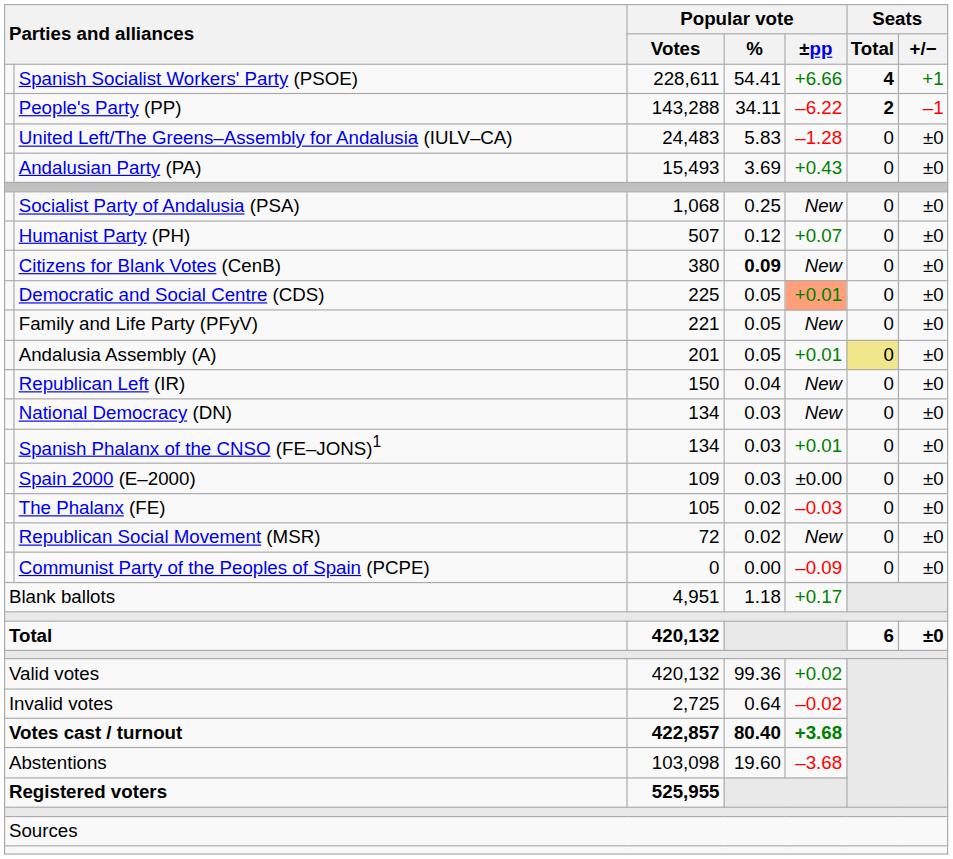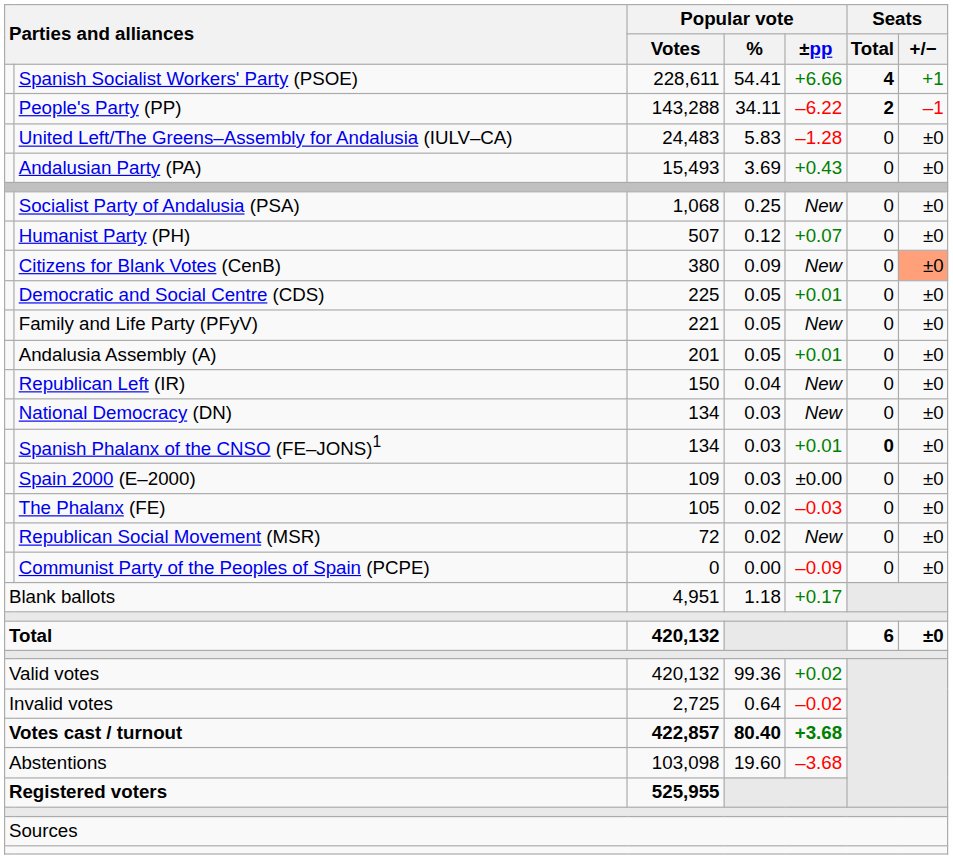 <table class="wikitable" style="text-align:right;">
 <tr>
 <th style="text-align:left;" rowspan="2" colspan="2" width="525">Parties and alliances</th>
 <th colspan="3">Popular vote</th>
 <th colspan="2">Seats</th>
 </tr>
 <tr>
 <th width="75">Votes</th>
 <th width="45">%</th>
 <th width="45">±<a href='#'>pp</a></th>
 <th width="35">Total</th>
 <th width="35">+/−</th>
 </tr>
 <tr>
 <td width="1" style="color:inherit;background:"></td>
 <td align="left"><a href='#'>Spanish Socialist Workers' Party</a> (PSOE)</td>
 <td>228,611</td>
 <td>54.41</td>
 <td style="color:green;">+6.66</td>
 <td><strong>4</strong></td>
 <td style="color:green;">+1</td>
 </tr>
 <tr>
 <td style="color:inherit;background:"></td>
 <td align="left"><a href='#'>People's Party</a> (PP)</td>
 <td>143,288</td>
 <td>34.11</td>
 <td style="color:red;">–6.22</td>
 <td><strong>2</strong></td>
 <td style="color:red;">–1</td>
 </tr>
 <tr>
 <td style="color:inherit;background:"></td>
 <td align="left"><a href='#'>United Left/The Greens–Assembly for Andalusia</a> (IULV–CA)</td>
 <td>24,483</td>
 <td>5.83</td>
 <td style="color:red;">–1.28</td>
 <td>0</td>
 <td>±0</td>
 </tr>
 <tr>
 <td style="color:inherit;background:"></td>
 <td align="left"><a href='#'>Andalusian Party</a> (PA)</td>
 <td>15,493</td>
 <td>3.69</td>
 <td style="color:green;">+0.43</td>
 <td>0</td>
 <td>±0</td>
 </tr>
 <tr>
 <td colspan="7" bgcolor="#C0C0C0"></td>
 </tr>
 <tr>
 <td style="color:inherit;background:"></td>
 <td align="left"><a href='#'>Socialist Party of Andalusia</a> (PSA)</td>
 <td>1,068</td>
 <td>0.25</td>
 <td><em>New</em></td>
 <td>0</td>
 <td>±0</td>
 </tr>
 <tr>
 <td style="color:inherit;background:"></td>
 <td align="left"><a href='#'>Humanist Party</a> (PH)</td>
 <td>507</td>
 <td>0.12</td>
 <td style="color:green;">+0.07</td>
 <td>0</td>
 <td>±0</td>
 </tr>
 <tr>
 <td style="color:inherit;background:"></td>
 <td align="left"><a href='#'>Citizens for Blank Votes</a> (CenB)</td>
 <td>380</td>
-<td><strong>0.09</strong></td>
+<td>0.09</td>
 <td><em>New</em></td>
 <td>0</td>
-<td>±0</td>
+<td style="background: lightsalmon;">±0</td>
 </tr>
 <tr>
 <td style="color:inherit;background:"></td>
 <td align="left"><a href='#'>Democratic and Social Centre</a> (CDS)</td>
 <td>225</td>
 <td>0.05</td>
-<td style="background: lightsalmon; color:green;">+0.01</td>
+<td style="color:green;">+0.01</td>
 <td>0</td>
 <td>±0</td>
 </tr>
 <tr>
 <td style="color:inherit;background:"></td>
 <td align="left">Family and Life Party (PFyV)</td>
 <td>221</td>
 <td>0.05</td>
 <td><em>New</em></td>
 <td>0</td>
 <td>±0</td>
 </tr>
 <tr>
 <td style="color:inherit;background:"></td>
 <td align="left">Andalusia Assembly (A)</td>
 <td>201</td>
 <td>0.05</td>
 <td style="color:green;">+0.01</td>
-<td style="background: khaki;">0</td>
+<td>0</td>
 <td>±0</td>
 </tr>
 <tr>
 <td style="color:inherit;background:"></td>
 <td align="left"><a href='#'>Republican Left</a> (IR)</td>
 <td>150</td>
 <td>0.04</td>
 <td><em>New</em></td>
 <td>0</td>
 <td>±0</td>
 </tr>
 <tr>
 <td style="color:inherit;background:"></td>
 <td align="left"><a href='#'>National Democracy</a> (DN)</td>
 <td>134</td>
 <td>0.03</td>
 <td><em>New</em></td>
 <td>0</td>
 <td>±0</td>
 </tr>
 <tr>
 <td style="color:inherit;background:"></td>
 <td align="left"><a href='#'>Spanish Phalanx of the CNSO</a> (FE–JONS)<sup>1</sup></td>
 <td>134</td>
 <td>0.03</td>
 <td style="color:green;">+0.01</td>
-<td>0</td>
+<td><strong>0</strong></td>
 <td>±0</td>
 </tr>
 <tr>
 <td style="color:inherit;background:"></td>
 <td align="left"><a href='#'>Spain 2000</a> (E–2000)</td>
 <td>109</td>
 <td>0.03</td>
 <td>±0.00</td>
 <td>0</td>
 <td>±0</td>
 </tr>
 <tr>
 <td style="color:inherit;background:"></td>
 <td align="left"><a href='#'>The Phalanx</a> (FE)</td>
 <td>105</td>
 <td>0.02</td>
 <td style="color:red;">–0.03</td>
 <td>0</td>
 <td>±0</td>
 </tr>
 <tr>
 <td style="color:inherit;background:"></td>
 <td align="left"><a href='#'>Republican Social Movement</a> (MSR)</td>
 <td>72</td>
 <td>0.02</td>
 <td><em>New</em></td>
 <td>0</td>
 <td>±0</td>
 </tr>
 <tr>
 <td style="color:inherit;background:"></td>
 <td align="left"><a href='#'>Communist Party of the Peoples of Spain</a> (PCPE)</td>
 <td>0</td>
 <td>0.00</td>
 <td style="color:red;">–0.09</td>
 <td>0</td>
 <td>±0</td>
 </tr>
 <tr>
 <td align="left" colspan="2">Blank ballots</td>
 <td>4,951</td>
 <td>1.18</td>
 <td style="color:green;">+0.17</td>
 <td bgcolor="#E9E9E9" colspan="2"></td>
 </tr>
 <tr>
 <td colspan="7" bgcolor="#E9E9E9"></td>
 </tr>
 <tr style="font-weight:bold;">
 <td align="left" colspan="2">Total</td>
 <td>420,132</td>
 <td bgcolor="#E9E9E9" colspan="2"></td>
 <td>6</td>
 <td>±0</td>
 </tr>
 <tr>
 <td colspan="7" bgcolor="#E9E9E9"></td>
 </tr>
 <tr>
 <td align="left" colspan="2">Valid votes</td>
 <td>420,132</td>
 <td>99.36</td>
 <td style="color:green;">+0.02</td>
 <td bgcolor="#E9E9E9" colspan="2" rowspan="5"></td>
 </tr>
 <tr>
 <td align="left" colspan="2">Invalid votes</td>
 <td>2,725</td>
 <td>0.64</td>
 <td style="color:red;">–0.02</td>
 </tr>
 <tr style="font-weight:bold;">
 <td align="left" colspan="2">Votes cast / turnout</td>
 <td>422,857</td>
 <td>80.40</td>
 <td style="color:green;">+3.68</td>
 </tr>
 <tr>
 <td align="left" colspan="2">Abstentions</td>
 <td>103,098</td>
 <td>19.60</td>
 <td style="color:red;">–3.68</td>
 </tr>
 <tr style="font-weight:bold;">
 <td align="left" colspan="2">Registered voters</td>
 <td>525,955</td>
 <td bgcolor="#E9E9E9" colspan="2"></td>
 </tr>
 <tr>
 <td colspan="7" bgcolor="#E9E9E9"></td>
 </tr>
 <tr>
 <td align="left" colspan="7">Sources</td>
 </tr>
 <tr>
 <td colspan="7" style="text-align:left; max-width:790px;"></td>
 </tr>
 </table>
